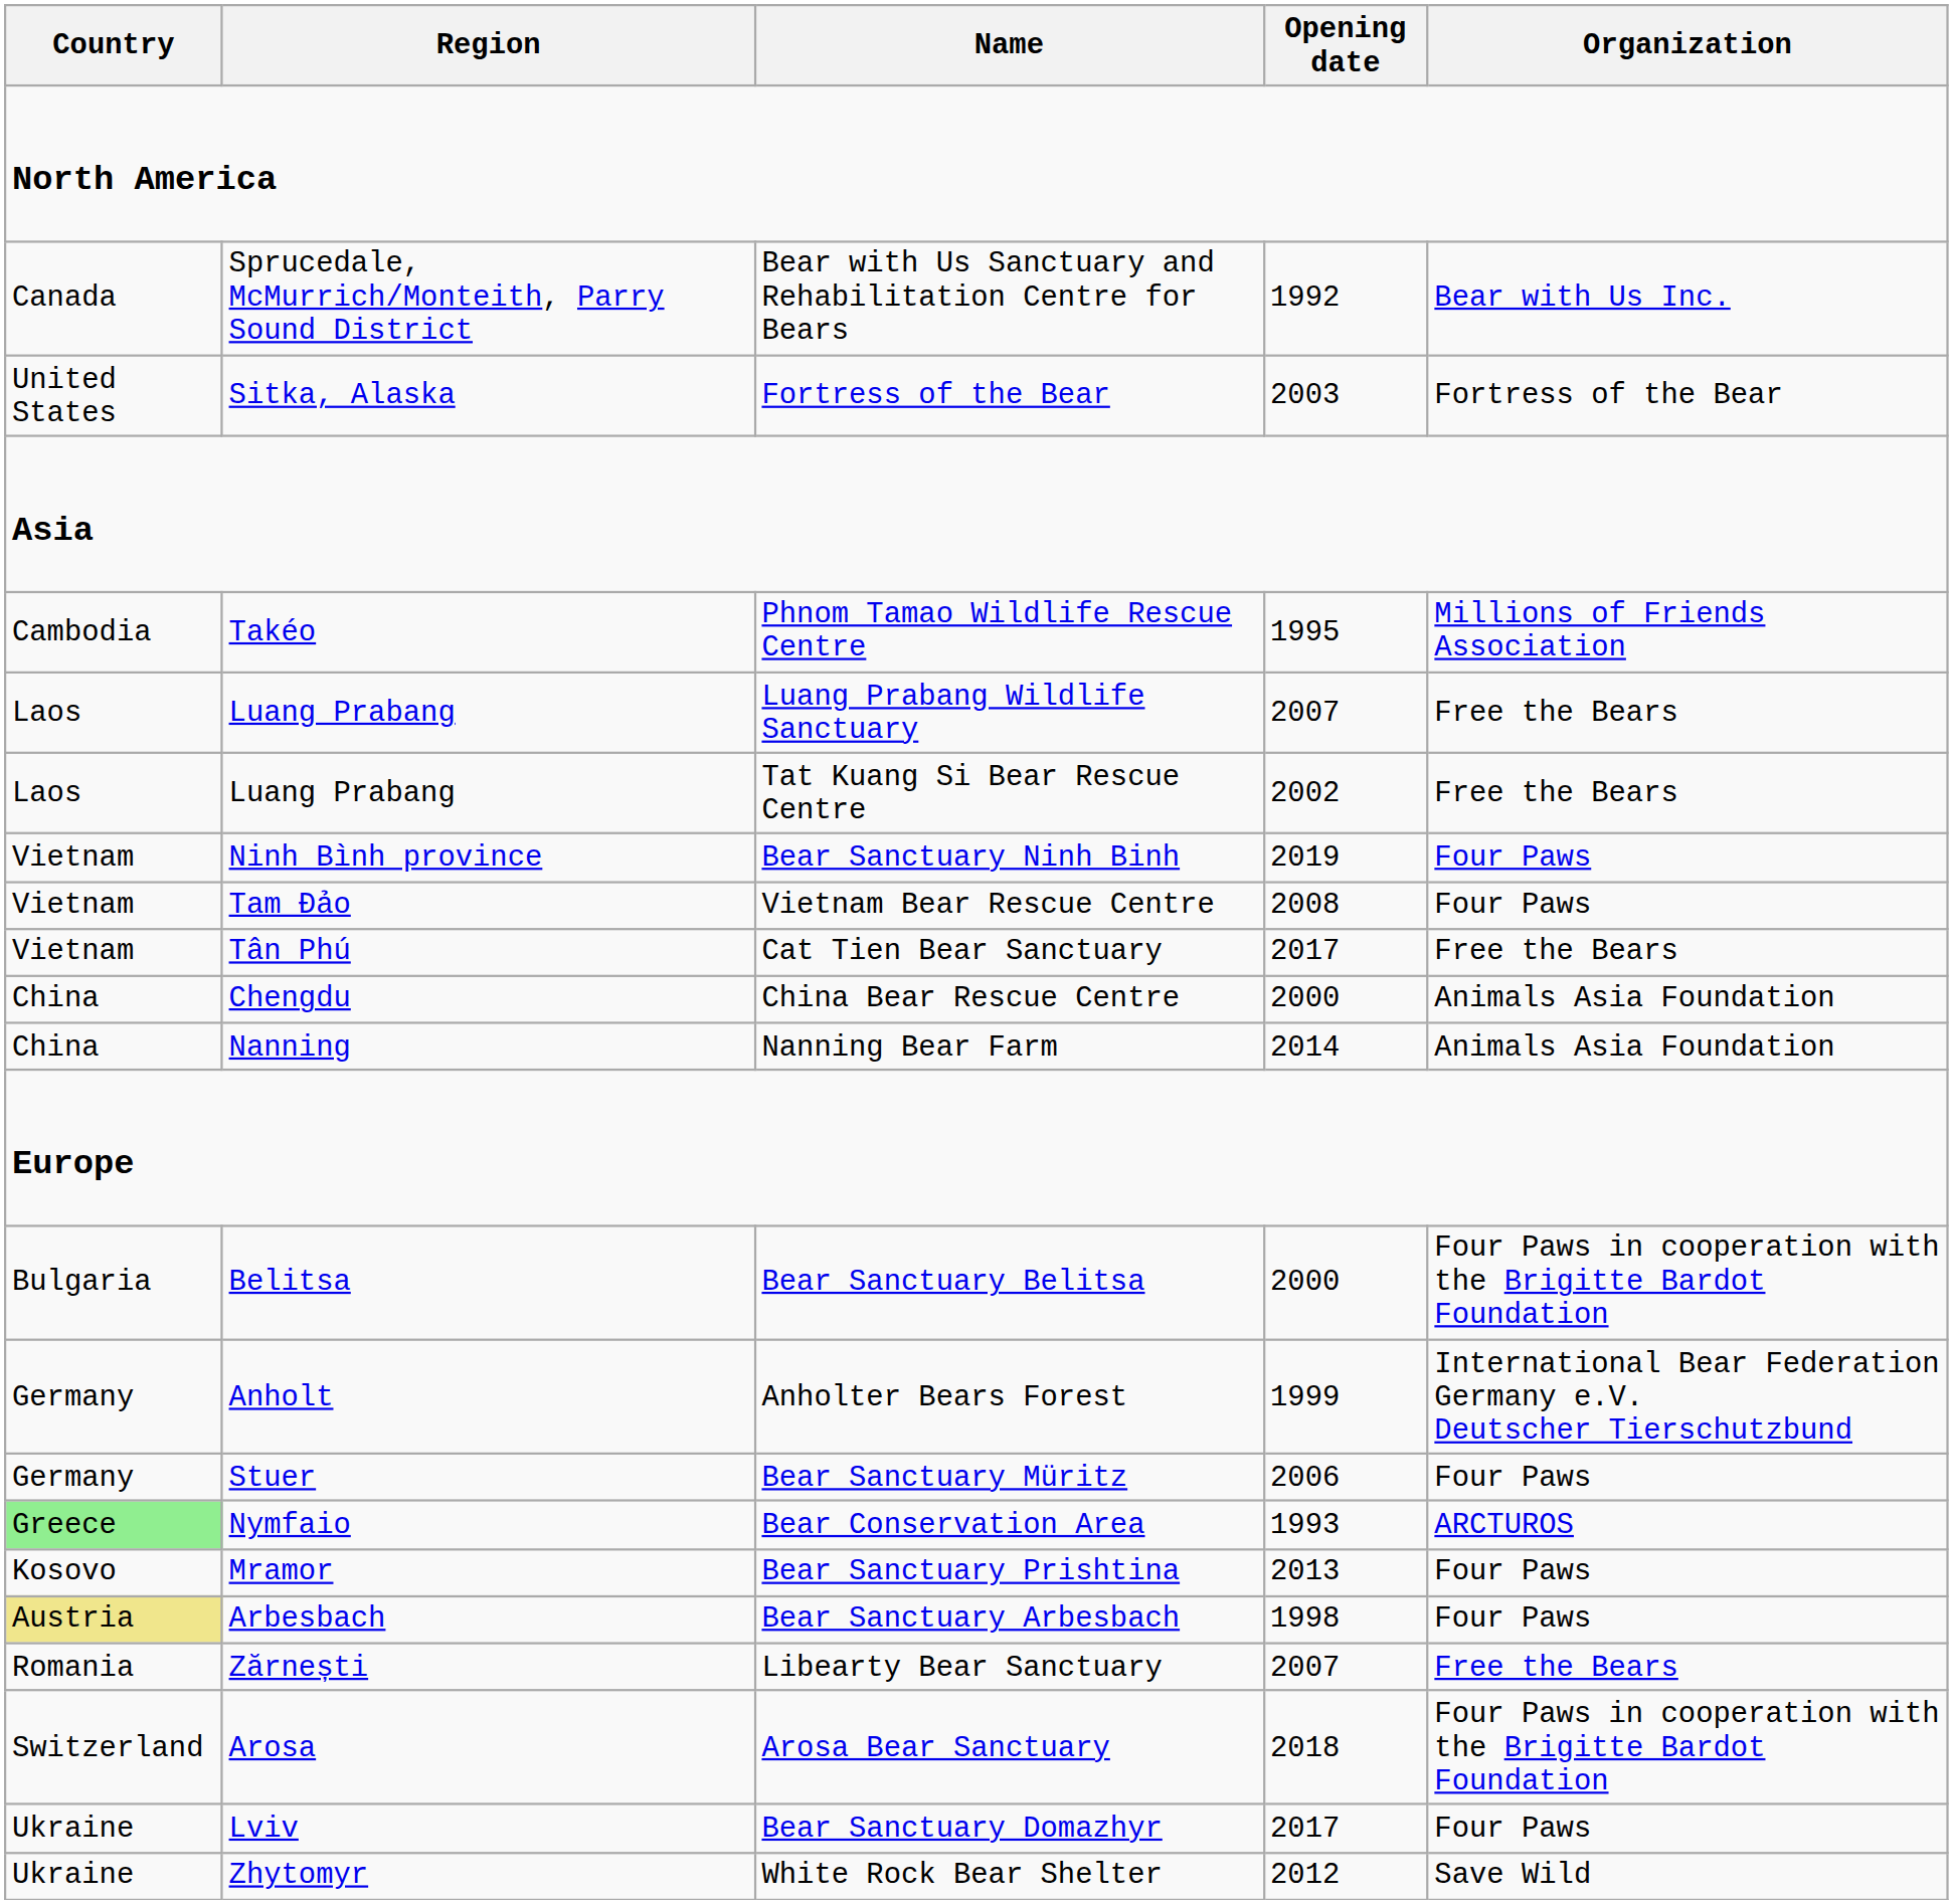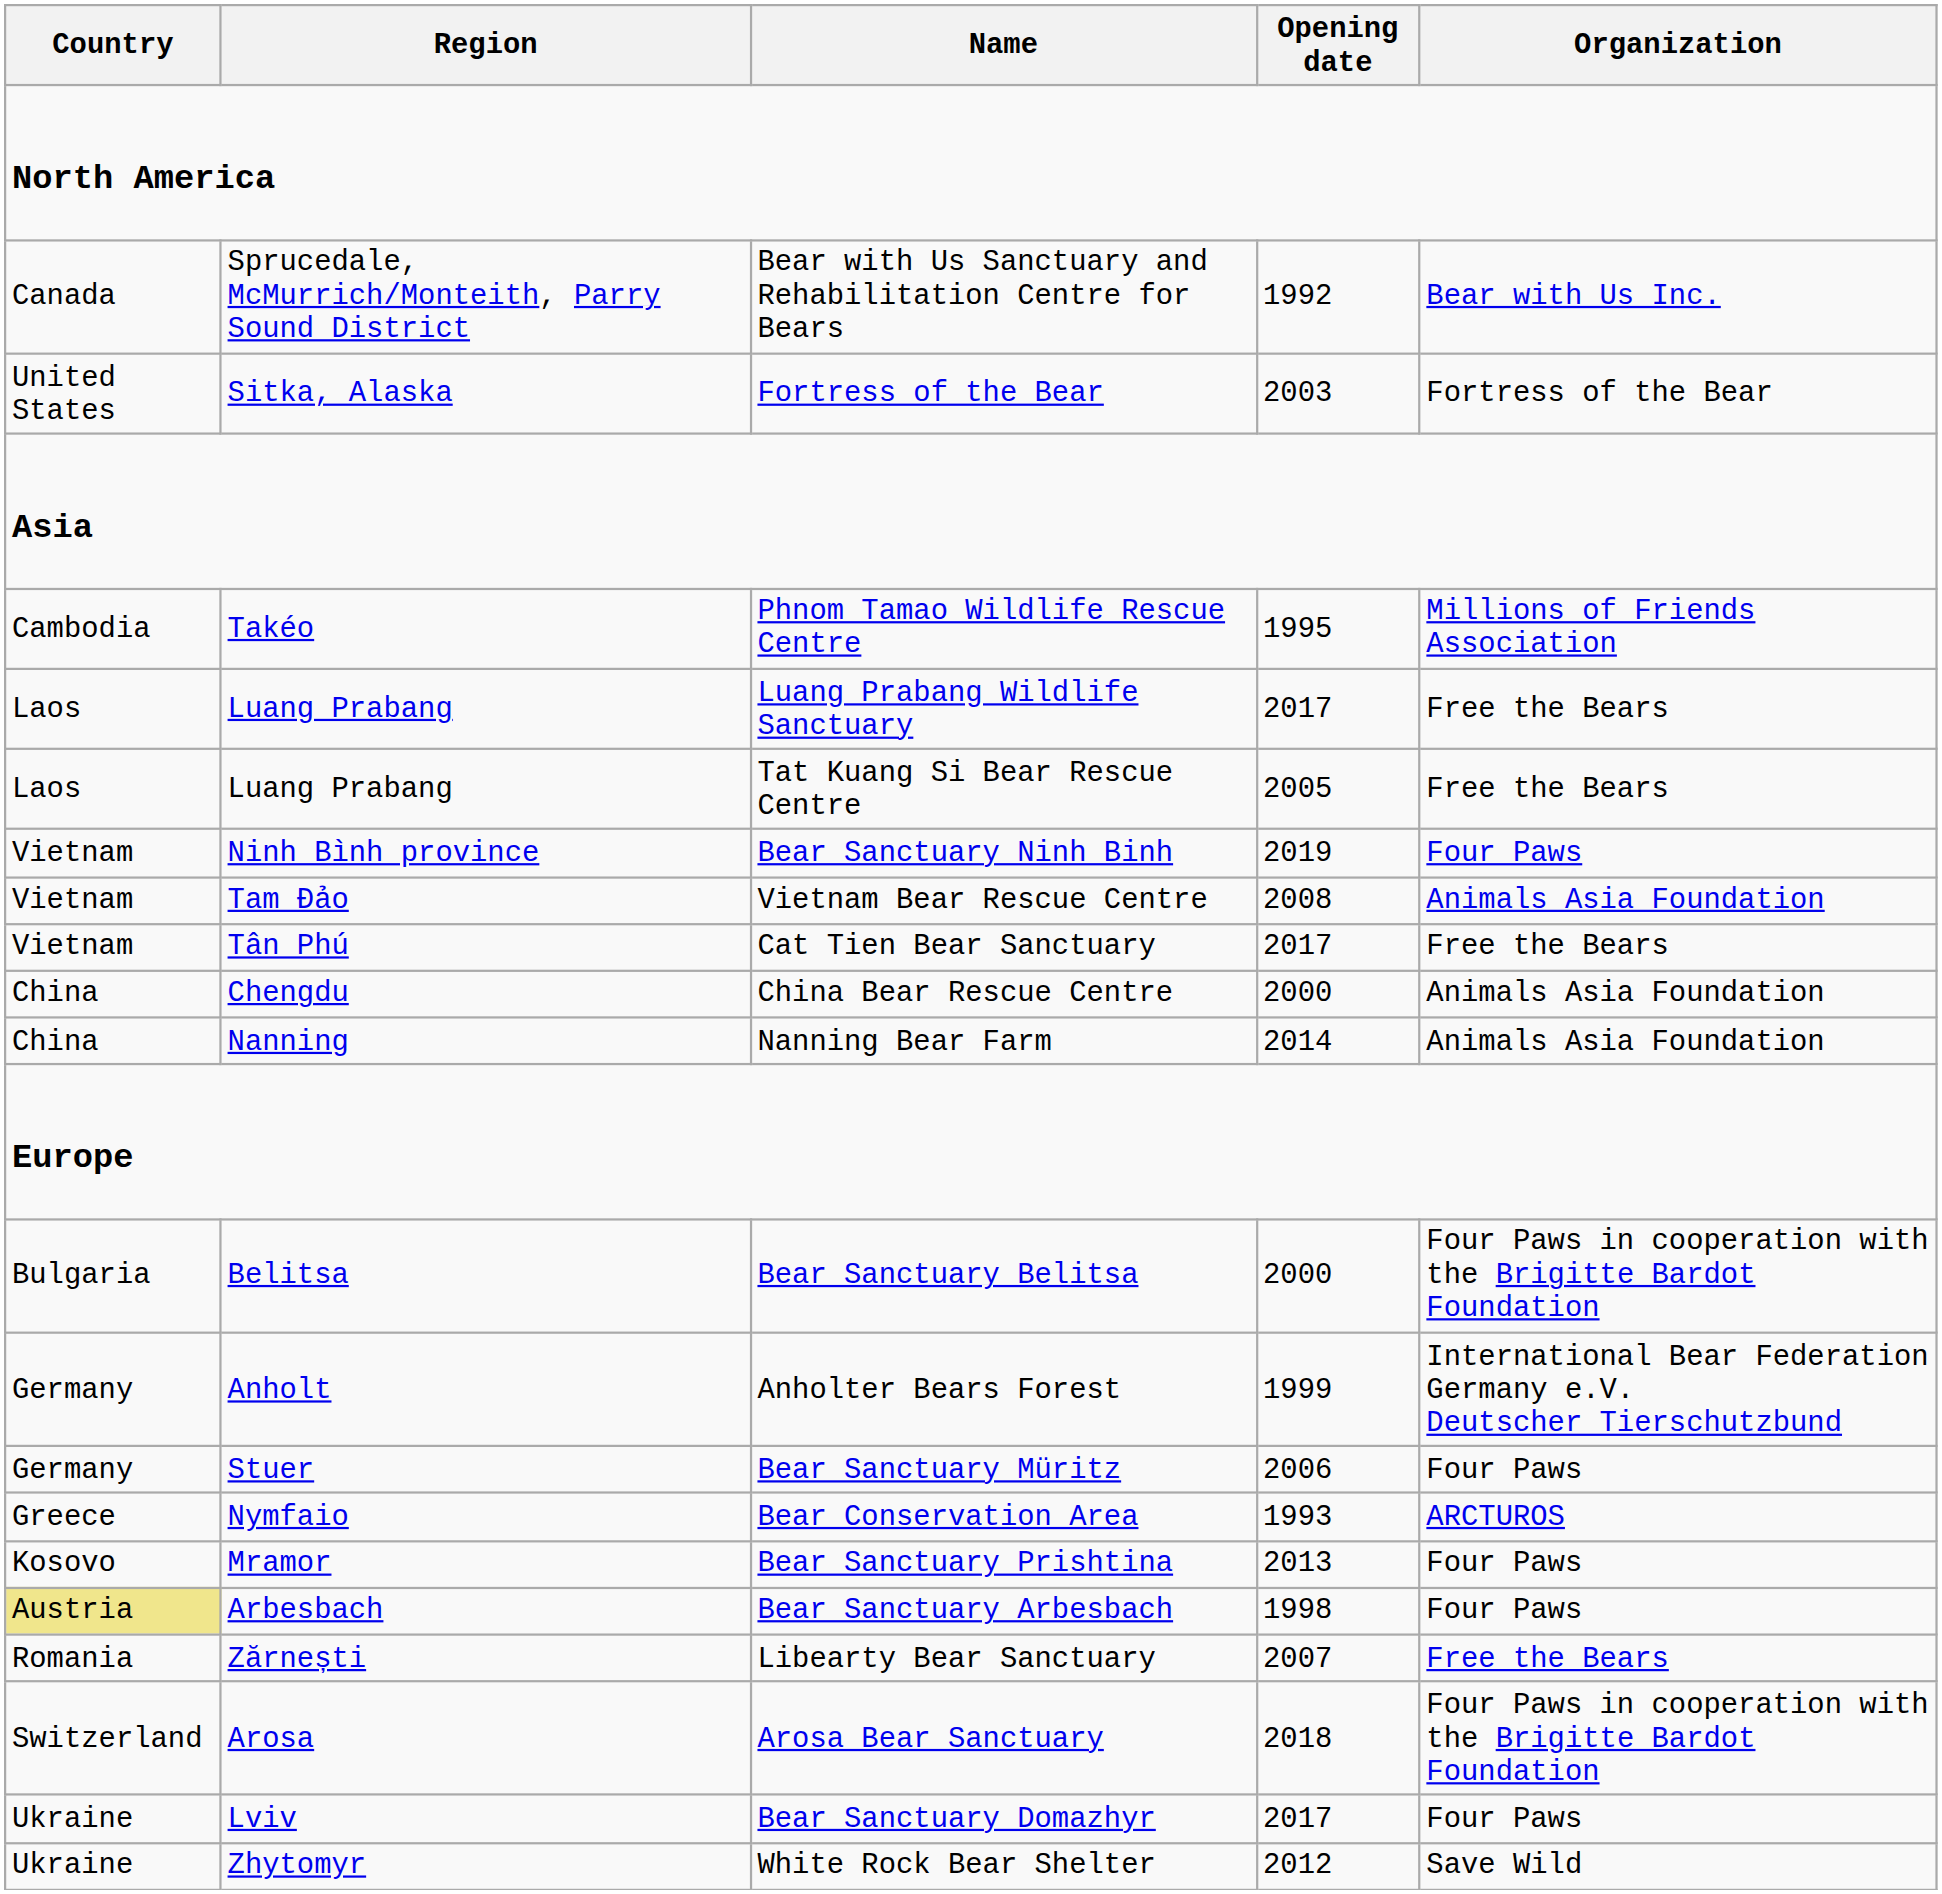 <table class="wikitable sortable">
 <tr>
 <th>Country</th>
 <th>Region</th>
 <th>Name</th>
 <th>Opening date</th>
 <th>Organization</th>
 </tr>
 <tr>
 <td colspan="8" style="text-align: left"><br><h3>North America</h3></td>
 </tr>
 <tr>
 <td>Canada</td>
 <td>Sprucedale, <a href='#'>McMurrich/Monteith</a>, <a href='#'>Parry Sound District</a></td>
 <td>Bear with Us Sanctuary and Rehabilitation Centre for Bears</td>
 <td>1992</td>
 <td><a href='#'>Bear with Us Inc.</a></td>
 </tr>
 <tr>
 <td>United States</td>
 <td><a href='#'>Sitka, Alaska</a></td>
 <td><a href='#'>Fortress of the Bear</a></td>
 <td>2003</td>
 <td>Fortress of the Bear</td>
 </tr>
 <tr>
 <td colspan="8" style="text-align: left"><br><h3>Asia</h3></td>
 </tr>
 <tr>
 <td>Cambodia</td>
 <td><a href='#'>Takéo</a></td>
 <td><a href='#'>Phnom Tamao Wildlife Rescue Centre</a></td>
 <td>1995</td>
 <td><a href='#'>Millions of Friends Association</a></td>
 </tr>
 <tr>
 <td>Laos</td>
 <td><a href='#'>Luang Prabang</a></td>
 <td><a href='#'>Luang Prabang Wildlife Sanctuary</a></td>
-<td>2007</td>
+<td>2017</td>
 <td>Free the Bears</td>
 </tr>
 <tr>
 <td>Laos</td>
 <td>Luang Prabang</td>
 <td>Tat Kuang Si Bear Rescue Centre</td>
-<td>2002</td>
+<td>2005</td>
 <td>Free the Bears</td>
 </tr>
 <tr>
 <td>Vietnam</td>
 <td><a href='#'>Ninh Bình province</a></td>
 <td><a href='#'>Bear Sanctuary Ninh Binh</a></td>
 <td>2019</td>
 <td><a href='#'>Four Paws</a></td>
 </tr>
 <tr>
 <td>Vietnam</td>
 <td><a href='#'>Tam Đảo</a></td>
 <td>Vietnam Bear Rescue Centre</td>
 <td>2008</td>
-<td>Four Paws</td>
+<td><a href='#'>Animals Asia Foundation</a></td>
 </tr>
 <tr>
 <td>Vietnam</td>
 <td><a href='#'>Tân Phú</a></td>
 <td>Cat Tien Bear Sanctuary</td>
 <td>2017</td>
 <td>Free the Bears</td>
 </tr>
 <tr>
 <td>China</td>
 <td><a href='#'>Chengdu</a></td>
 <td>China Bear Rescue Centre</td>
 <td>2000</td>
 <td>Animals Asia Foundation</td>
 </tr>
 <tr>
 <td>China</td>
 <td><a href='#'>Nanning</a></td>
 <td>Nanning Bear Farm</td>
 <td>2014</td>
 <td>Animals Asia Foundation</td>
 </tr>
 <tr>
 <td colspan="8" style="text-align: left"><br><h3>Europe</h3></td>
 </tr>
 <tr>
 <td>Bulgaria</td>
 <td><a href='#'>Belitsa</a></td>
 <td><a href='#'>Bear Sanctuary Belitsa</a></td>
 <td>2000</td>
 <td>Four Paws in cooperation with the <a href='#'>Brigitte Bardot Foundation</a></td>
 </tr>
 <tr>
 <td>Germany</td>
 <td><a href='#'>Anholt</a></td>
 <td>Anholter Bears Forest</td>
 <td>1999</td>
 <td>International Bear Federation Germany e.V.<br><a href='#'>Deutscher Tierschutzbund</a></td>
 </tr>
 <tr>
 <td>Germany</td>
 <td><a href='#'>Stuer</a></td>
 <td><a href='#'>Bear Sanctuary Müritz</a></td>
 <td>2006</td>
 <td>Four Paws</td>
 </tr>
 <tr>
-<td style="background: lightgreen;">Greece</td>
+<td>Greece</td>
 <td><a href='#'>Nymfaio</a></td>
 <td><a href='#'>Bear Conservation Area</a></td>
 <td>1993</td>
 <td><a href='#'>ARCTUROS</a></td>
 </tr>
 <tr>
 <td>Kosovo</td>
 <td><a href='#'>Mramor</a></td>
 <td><a href='#'>Bear Sanctuary Prishtina</a></td>
 <td>2013</td>
 <td>Four Paws</td>
 </tr>
 <tr>
 <td style="background: khaki;">Austria</td>
 <td><a href='#'>Arbesbach</a></td>
 <td><a href='#'>Bear Sanctuary Arbesbach</a></td>
 <td>1998</td>
 <td>Four Paws</td>
 </tr>
 <tr>
 <td>Romania</td>
 <td><a href='#'>Zărnești</a></td>
 <td>Libearty Bear Sanctuary</td>
 <td>2007</td>
 <td><a href='#'>Free the Bears</a></td>
 </tr>
 <tr>
 <td>Switzerland</td>
 <td><a href='#'>Arosa</a></td>
 <td><a href='#'>Arosa Bear Sanctuary</a></td>
 <td>2018</td>
 <td>Four Paws in cooperation with the <a href='#'>Brigitte Bardot Foundation</a></td>
 </tr>
 <tr>
 <td>Ukraine</td>
 <td><a href='#'>Lviv</a></td>
 <td><a href='#'>Bear Sanctuary Domazhyr</a></td>
 <td>2017</td>
 <td>Four Paws</td>
 </tr>
 <tr>
 <td>Ukraine</td>
 <td><a href='#'>Zhytomyr</a></td>
 <td>White Rock Bear Shelter</td>
 <td>2012</td>
 <td>Save Wild</td>
 </tr>
 </table>
